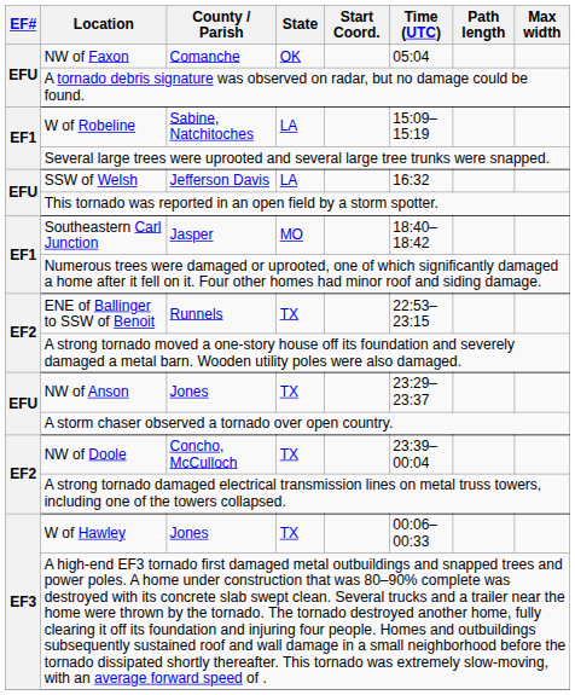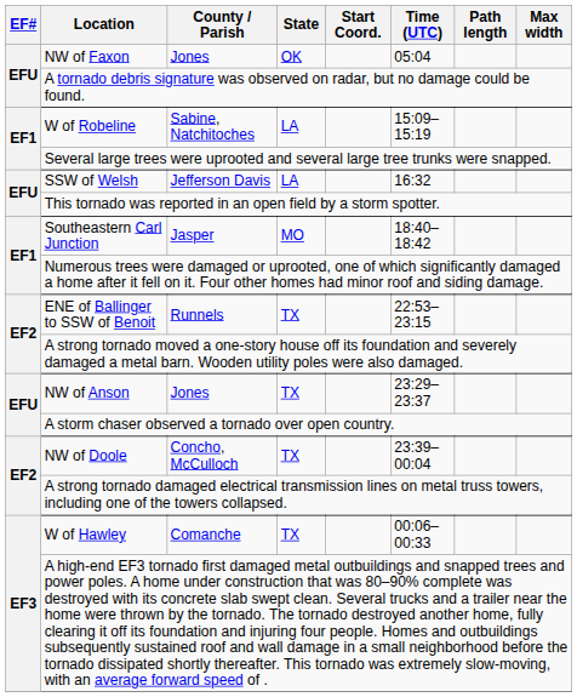 <table class="wikitable sortable" style="width:100%;">
 <tr>
 <th scope="col" width="2%" align="center"><a href='#'>EF#</a></th>
 <th scope="col" align="center" class="unsortable">Location</th>
 <th scope="col" align="center" class="unsortable">County / Parish</th>
 <th scope="col" align="center">State</th>
 <th scope="col" align="center">Start Coord.</th>
 <th scope="col" align="center">Time (<a href='#'>UTC</a>)</th>
 <th scope="col" align="center">Path length</th>
 <th scope="col" align="center">Max width</th>
 </tr>
 <tr>
 <th scope="row" rowspan="2" style="background-color:#">EFU</th>
 <td>NW of <a href='#'>Faxon</a></td>
-<td><a href='#'>Comanche</a></td>
+<td><a href='#'>Jones</a></td>
 <td><a href='#'>OK</a></td>
 <td></td>
 <td>05:04</td>
 <td></td>
 <td></td>
 </tr>
 <tr class="expand-child">
 <td colspan="8" style=" border-bottom: 1px solid black;">A <a href='#'>tornado debris signature</a> was observed on radar, but no damage could be found.</td>
 </tr>
 <tr>
 <th scope="row" rowspan="2" style="background-color:#">EF1</th>
 <td>W of <a href='#'>Robeline</a></td>
 <td><a href='#'>Sabine</a>, <a href='#'>Natchitoches</a></td>
 <td><a href='#'>LA</a></td>
 <td></td>
 <td>15:09–15:19</td>
 <td></td>
 <td></td>
 </tr>
 <tr class="expand-child">
 <td colspan="8" style=" border-bottom: 1px solid black;">Several large trees were uprooted and several large tree trunks were snapped.</td>
 </tr>
 <tr>
 <th scope="row" rowspan="2" style="background-color:#">EFU</th>
 <td>SSW of <a href='#'>Welsh</a></td>
 <td><a href='#'>Jefferson Davis</a></td>
 <td><a href='#'>LA</a></td>
 <td></td>
 <td>16:32</td>
 <td></td>
 <td></td>
 </tr>
 <tr class="expand-child">
 <td colspan="8" style=" border-bottom: 1px solid black;">This tornado was reported in an open field by a storm spotter.</td>
 </tr>
 <tr>
 <th scope="row" rowspan="2" style="background-color:#">EF1</th>
 <td>Southeastern <a href='#'>Carl Junction</a></td>
 <td><a href='#'>Jasper</a></td>
 <td><a href='#'>MO</a></td>
 <td></td>
 <td>18:40–18:42</td>
 <td></td>
 <td></td>
 </tr>
 <tr class="expand-child">
 <td colspan="8" style=" border-bottom: 1px solid black;">Numerous trees were damaged or uprooted, one of which significantly damaged a home after it fell on it. Four other homes had minor roof and siding damage.</td>
 </tr>
 <tr>
 <th scope="row" rowspan="2" style="background-color:#">EF2</th>
 <td>ENE of <a href='#'>Ballinger</a> to SSW of <a href='#'>Benoit</a></td>
 <td><a href='#'>Runnels</a></td>
 <td><a href='#'>TX</a></td>
 <td></td>
 <td>22:53–23:15</td>
 <td></td>
 <td></td>
 </tr>
 <tr class="expand-child">
 <td colspan="8" style=" border-bottom: 1px solid black;">A strong tornado moved a one-story house off its foundation and severely damaged a metal barn. Wooden utility poles were also damaged.</td>
 </tr>
 <tr>
 <th scope="row" rowspan="2" style="background-color:#">EFU</th>
 <td>NW of <a href='#'>Anson</a></td>
 <td><a href='#'>Jones</a></td>
 <td><a href='#'>TX</a></td>
 <td></td>
 <td>23:29–23:37</td>
 <td></td>
 <td></td>
 </tr>
 <tr class="expand-child">
 <td colspan="8" style=" border-bottom: 1px solid black;">A storm chaser observed a tornado over open country.</td>
 </tr>
 <tr>
 <th scope="row" rowspan="2" style="background-color:#">EF2</th>
 <td>NW of <a href='#'>Doole</a></td>
 <td><a href='#'>Concho</a>, <a href='#'>McCulloch</a></td>
 <td><a href='#'>TX</a></td>
 <td></td>
 <td>23:39–00:04</td>
 <td></td>
 <td></td>
 </tr>
 <tr class="expand-child">
 <td colspan="8" style=" border-bottom: 1px solid black;">A strong tornado damaged electrical transmission lines on metal truss towers, including one of the towers collapsed.</td>
 </tr>
 <tr>
 <th scope="row" rowspan="2" style="background-color:#">EF3</th>
 <td>W of <a href='#'>Hawley</a></td>
-<td><a href='#'>Jones</a></td>
+<td><a href='#'>Comanche</a></td>
 <td><a href='#'>TX</a></td>
 <td></td>
 <td>00:06–00:33</td>
 <td></td>
 <td></td>
 </tr>
 <tr class="expand-child">
 <td colspan="8" style=" border-bottom: 1px solid black;">A high-end EF3 tornado first damaged metal outbuildings and snapped trees and power poles. A home under construction that was 80–90% complete was destroyed with its concrete slab swept clean. Several trucks and a trailer near the home were thrown  by the tornado. The tornado destroyed another home, fully clearing it off its foundation and injuring four people. Homes and outbuildings subsequently sustained roof and wall damage in a small neighborhood before the tornado dissipated shortly thereafter. This tornado was extremely slow-moving, with an <a href='#'>average forward speed</a> of .</td>
 </tr>
 <tr>
 </tr>
 </table>
